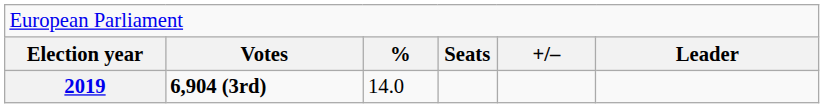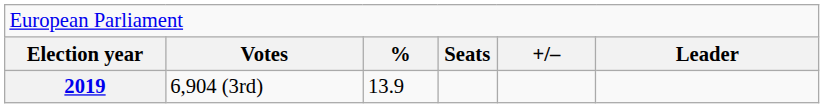 <table class=wikitable style="width:50%; border:1px #AAAAFF solid">
 <tr>
 <td colspan=6><a href='#'>European Parliament</a></td>
 </tr>
 <tr>
 <th width=13%>Election year</th>
 <th width=16%>Votes</th>
 <th width=6%>%</th>
 <th width=1%>Seats</th>
 <th width=8%>+/–</th>
 <th width=18%>Leader</th>
 </tr>
 <tr>
 <th><a href='#'>2019</a></th>
-<td><strong>6,904	(3rd)</strong></td>
-<td>14.0</td>
+<td>6,904	(3rd)</td>
+<td>13.9</td>
 <td></td>
 <td></td>
 <td></td>
 </tr>
 </table>
